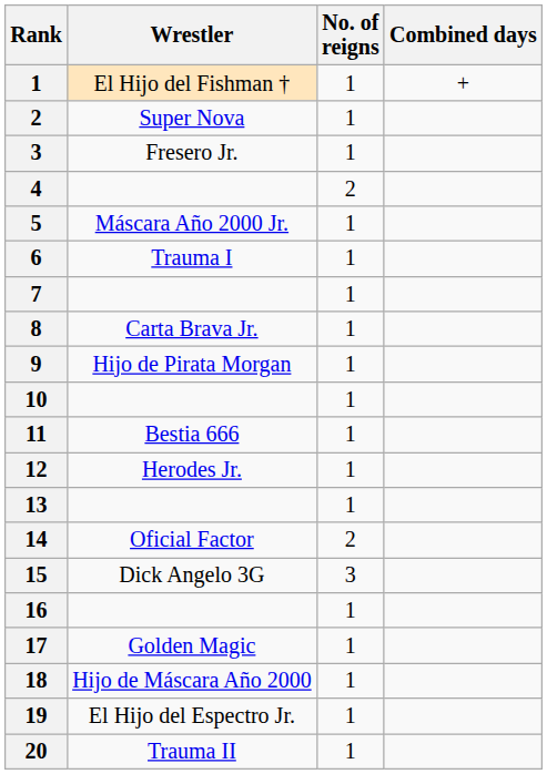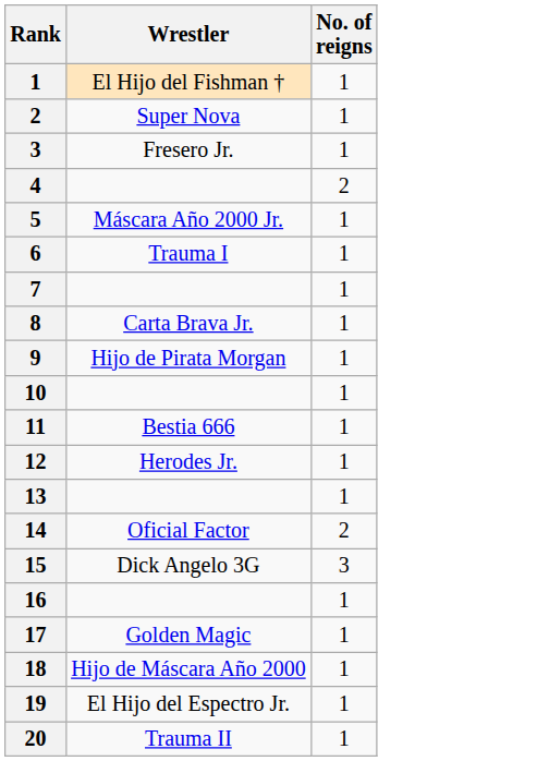 <table class="wikitable sortable" style="text-align: center">
 <tr>
 <th>Rank</th>
 <th>Wrestler</th>
 <th>No. of<br>reigns</th>
-<th>Combined days</th>
 </tr>
 <tr>
 <th>1</th>
 <td style="background:#ffe6bd;">El Hijo del Fishman †</td>
 <td>1</td>
-<td>+</td>
 </tr>
 <tr>
 <th>2</th>
 <td><a href='#'>Super Nova</a></td>
 <td>1</td>
-<td></td>
 </tr>
 <tr>
 <th>3</th>
 <td>Fresero Jr.</td>
 <td>1</td>
-<td></td>
 </tr>
 <tr>
 <th>4</th>
 <td></td>
 <td>2</td>
-<td></td>
 </tr>
 <tr>
 <th>5</th>
 <td><a href='#'>Máscara Año 2000 Jr.</a></td>
 <td>1</td>
-<td></td>
 </tr>
 <tr>
 <th>6</th>
 <td><a href='#'>Trauma I</a></td>
 <td>1</td>
-<td></td>
 </tr>
 <tr>
 <th>7</th>
 <td></td>
 <td>1</td>
-<td></td>
 </tr>
 <tr>
 <th>8</th>
 <td><a href='#'>Carta Brava Jr.</a></td>
 <td>1</td>
-<td></td>
 </tr>
 <tr>
 <th>9</th>
 <td><a href='#'>Hijo de Pirata Morgan</a></td>
 <td>1</td>
-<td></td>
 </tr>
 <tr>
 <th>10</th>
 <td></td>
 <td>1</td>
-<td></td>
 </tr>
 <tr>
 <th>11</th>
 <td><a href='#'>Bestia 666</a></td>
 <td>1</td>
-<td></td>
 </tr>
 <tr>
 <th>12</th>
 <td><a href='#'>Herodes Jr.</a></td>
 <td>1</td>
-<td></td>
 </tr>
 <tr>
 <th>13</th>
 <td></td>
 <td>1</td>
-<td></td>
 </tr>
 <tr>
 <th>14</th>
 <td><a href='#'>Oficial Factor</a></td>
 <td>2</td>
-<td></td>
 </tr>
 <tr>
 <th>15</th>
 <td>Dick Angelo 3G</td>
 <td>3</td>
-<td></td>
 </tr>
 <tr>
 <th>16</th>
 <td></td>
 <td>1</td>
-<td></td>
 </tr>
 <tr>
 <th>17</th>
 <td><a href='#'>Golden Magic</a></td>
 <td>1</td>
-<td></td>
 </tr>
 <tr>
 <th>18</th>
 <td><a href='#'>Hijo de Máscara Año 2000</a></td>
 <td>1</td>
-<td></td>
 </tr>
 <tr>
 <th>19</th>
 <td>El Hijo del Espectro Jr.</td>
 <td>1</td>
-<td></td>
 </tr>
 <tr>
 <th>20</th>
 <td><a href='#'>Trauma II</a></td>
 <td>1</td>
-<td align=center></td>
 </tr>
 </table>
